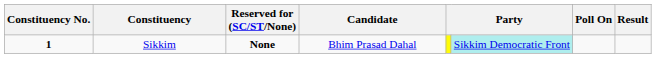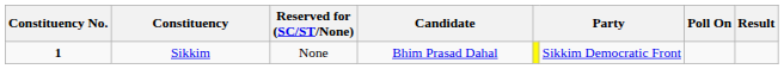 <table class="wikitable sortable" style="text-align:center">
 <tr>
 <th>Constituency No.</th>
 <th style="width:180px;">Constituency</th>
 <th>Reserved for<br>(<a href='#'>SC/ST</a>/None)</th>
 <th style="width:200px;">Candidate</th>
 <th colspan="2">Party</th>
 <th>Poll On</th>
 <th>Result</th>
 </tr>
 <tr>
 <td style="text-align:center;"><strong>1</strong></td>
 <td><a href='#'>Sikkim</a></td>
-<td><strong>None</strong></td>
+<td>None</td>
 <td><a href='#'>Bhim Prasad Dahal</a></td>
 <td bgcolor=#FFFC06></td>
-<td style="background: paleturquoise;"><a href='#'>Sikkim Democratic Front</a></td>
+<td><a href='#'>Sikkim Democratic Front</a></td>
 <td></td>
 <td></td>
 </tr>
 </table>
